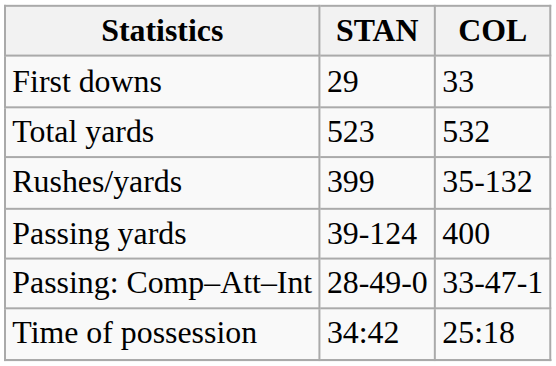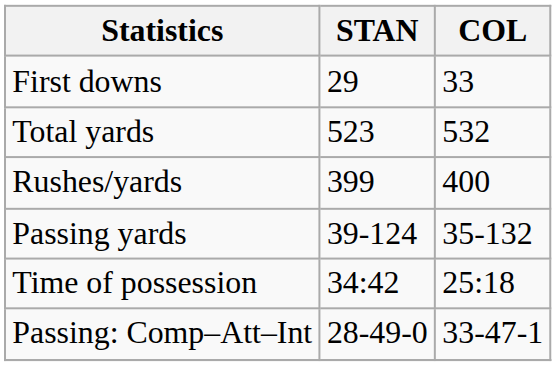 <table class="wikitable" style="float: left;">
 <tr>
 <th>Statistics</th>
 <th>STAN</th>
 <th>COL</th>
 </tr>
 <tr>
 <td>First downs</td>
 <td>29</td>
 <td>33</td>
 </tr>
 <tr>
 <td>Total yards</td>
 <td>523</td>
 <td>532</td>
 </tr>
 <tr>
 <td>Rushes/yards</td>
 <td>399</td>
-<td>35-132</td>
+<td>400</td>
 </tr>
 <tr>
 <td>Passing yards</td>
 <td>39-124</td>
-<td>400</td>
+<td>35-132</td>
+</tr>
+<tr>
+<td>Time of possession</td>
+<td>34:42</td>
+<td>25:18</td>
 </tr>
 <tr>
 <td>Passing: Comp–Att–Int</td>
 <td>28-49-0</td>
 <td>33-47-1</td>
 </tr>
 <tr>
-<td>Time of possession</td>
-<td>34:42</td>
-<td>25:18</td>
-</tr>
-<tr>
 </tr>
 </table>
